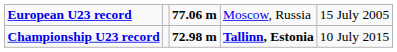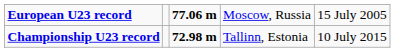 <table class="wikitable">
 <tr>
 <td><strong><a href='#'>European U23 record</a></strong></td>
 <td></td>
 <td><strong>77.06 m</strong></td>
 <td><a href='#'>Moscow</a>, Russia</td>
 <td>15 July 2005</td>
 </tr>
 <tr>
 <td><strong><a href='#'>Championship U23 record</a></strong></td>
 <td></td>
 <td><strong>72.98 m</strong></td>
-<td><strong><a href='#'>Tallinn</a>, Estonia</strong></td>
+<td><a href='#'>Tallinn</a>, Estonia</td>
 <td>10 July 2015</td>
 </tr>
 </table>
